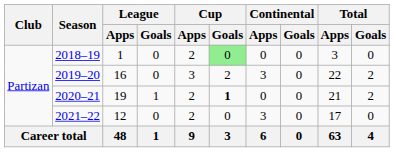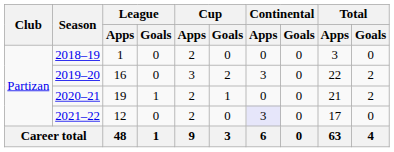 <table class="wikitable" style="text-align:center">
 <tr>
 <th rowspan="2">Club</th>
 <th rowspan="2">Season</th>
 <th colspan="2">League</th>
 <th colspan="2">Cup</th>
 <th colspan="2">Continental</th>
 <th colspan="2">Total</th>
 </tr>
 <tr>
 <th>Apps</th>
 <th>Goals</th>
 <th>Apps</th>
 <th>Goals</th>
 <th>Apps</th>
 <th>Goals</th>
 <th>Apps</th>
 <th>Goals</th>
 </tr>
 <tr>
 <td rowspan="4"><a href='#'>Partizan</a></td>
 <td><a href='#'>2018–19</a></td>
 <td>1</td>
 <td>0</td>
 <td>2</td>
-<td style="background: lightgreen;">0</td>
+<td>0</td>
 <td>0</td>
 <td>0</td>
 <td>3</td>
 <td>0</td>
 </tr>
 <tr>
 <td><a href='#'>2019–20</a></td>
 <td>16</td>
 <td>0</td>
 <td>3</td>
 <td>2</td>
 <td>3</td>
 <td>0</td>
 <td>22</td>
 <td>2</td>
 </tr>
 <tr>
 <td><a href='#'>2020–21</a></td>
 <td>19</td>
 <td>1</td>
 <td>2</td>
-<td><strong>1</strong></td>
+<td>1</td>
 <td>0</td>
 <td>0</td>
 <td>21</td>
 <td>2</td>
 </tr>
 <tr>
 <td><a href='#'>2021–22</a></td>
 <td>12</td>
 <td>0</td>
 <td>2</td>
 <td>0</td>
-<td>3</td>
+<td style="background: lavender;">3</td>
 <td>0</td>
 <td>17</td>
 <td>0</td>
 </tr>
 <tr>
 <th colspan="2">Career total</th>
 <th>48</th>
 <th>1</th>
 <th>9</th>
 <th>3</th>
 <th>6</th>
 <th>0</th>
 <th>63</th>
 <th>4</th>
 </tr>
 </table>
